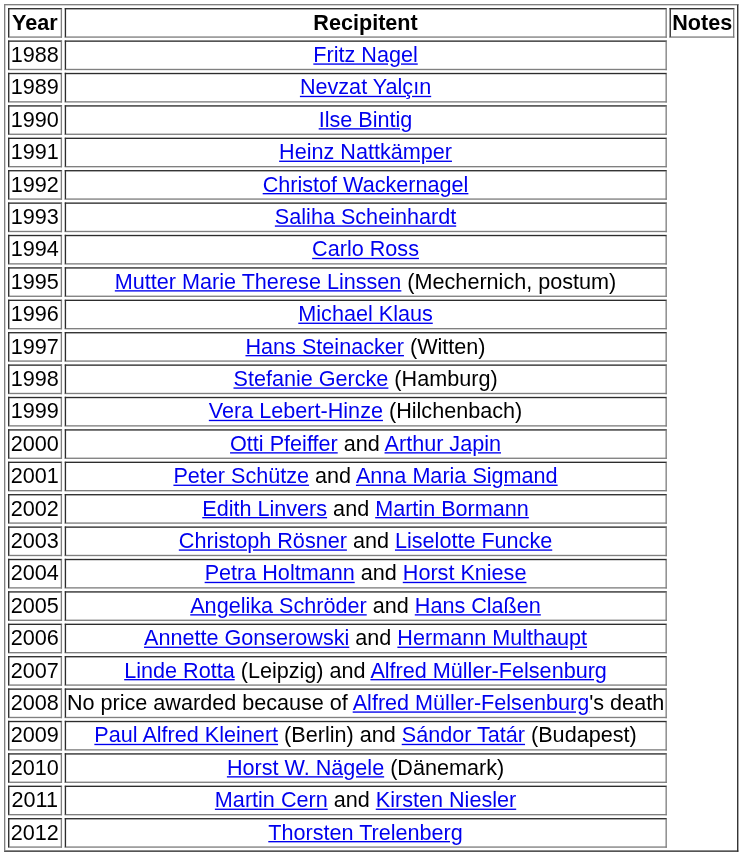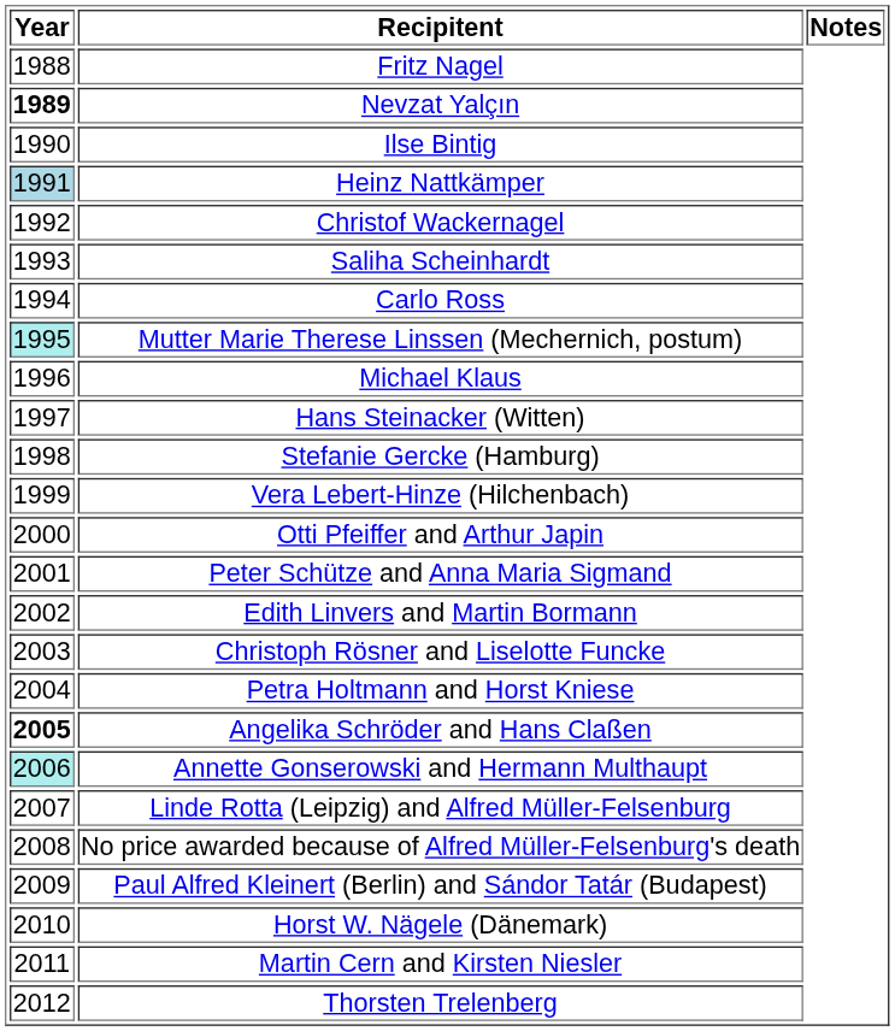 <table style="text-align:center" border="1">
 <tr>
 <th>Year</th>
 <th>Recipitent</th>
 <th>Notes</th>
 </tr>
 <tr>
 <td>1988</td>
 <td><a href='#'>Fritz Nagel</a></td>
 </tr>
 <tr>
-<td>1989</td>
+<td><strong>1989</strong></td>
 <td><a href='#'>Nevzat Yalçın</a></td>
 </tr>
 <tr>
 <td>1990</td>
 <td><a href='#'>Ilse Bintig</a></td>
 </tr>
 <tr>
-<td>1991</td>
+<td style="background: lightblue;">1991</td>
 <td><a href='#'>Heinz Nattkämper</a></td>
 </tr>
 <tr>
 <td>1992</td>
 <td><a href='#'>Christof Wackernagel</a></td>
 </tr>
 <tr>
 <td>1993</td>
 <td><a href='#'>Saliha Scheinhardt</a></td>
 </tr>
 <tr>
 <td>1994</td>
 <td><a href='#'>Carlo Ross</a></td>
 </tr>
 <tr>
-<td>1995</td>
+<td style="background: paleturquoise;">1995</td>
 <td><a href='#'>Mutter Marie Therese Linssen</a> (Mechernich, postum)</td>
 </tr>
 <tr>
 <td>1996</td>
 <td><a href='#'>Michael Klaus</a></td>
 </tr>
 <tr>
 <td>1997</td>
 <td><a href='#'>Hans Steinacker</a> (Witten)</td>
 </tr>
 <tr>
 <td>1998</td>
 <td><a href='#'>Stefanie Gercke</a> (Hamburg)</td>
 </tr>
 <tr>
 <td>1999</td>
 <td><a href='#'>Vera Lebert-Hinze</a> (Hilchenbach)</td>
 </tr>
 <tr>
 <td>2000</td>
 <td><a href='#'>Otti Pfeiffer</a> and <a href='#'>Arthur Japin</a></td>
 </tr>
 <tr>
 <td>2001</td>
 <td><a href='#'>Peter Schütze</a> and <a href='#'>Anna Maria Sigmand</a></td>
 </tr>
 <tr>
 <td>2002</td>
 <td><a href='#'>Edith Linvers</a> and <a href='#'>Martin Bormann</a></td>
 </tr>
 <tr>
 <td>2003</td>
 <td><a href='#'>Christoph Rösner</a> and <a href='#'>Liselotte Funcke</a></td>
 </tr>
 <tr>
 <td>2004</td>
 <td><a href='#'>Petra Holtmann</a> and <a href='#'>Horst Kniese</a></td>
 </tr>
 <tr>
-<td>2005</td>
+<td><strong>2005</strong></td>
 <td><a href='#'>Angelika Schröder</a> and <a href='#'>Hans Claßen</a></td>
 </tr>
 <tr>
-<td>2006</td>
+<td style="background: paleturquoise;">2006</td>
 <td><a href='#'>Annette Gonserowski</a> and <a href='#'>Hermann Multhaupt</a></td>
 </tr>
 <tr>
 <td>2007</td>
 <td><a href='#'>Linde Rotta</a> (Leipzig) and <a href='#'>Alfred Müller-Felsenburg</a></td>
 </tr>
 <tr>
 <td>2008</td>
 <td>No price awarded because of <a href='#'>Alfred Müller-Felsenburg</a>'s death</td>
 </tr>
 <tr>
 <td>2009</td>
 <td><a href='#'>Paul Alfred Kleinert</a> (Berlin) and <a href='#'>Sándor Tatár</a> (Budapest)</td>
 </tr>
 <tr>
 <td>2010</td>
 <td><a href='#'>Horst W. Nägele</a> (Dänemark)</td>
 </tr>
 <tr>
 <td>2011</td>
 <td><a href='#'>Martin Cern</a> and <a href='#'>Kirsten Niesler</a></td>
 </tr>
 <tr>
 <td>2012</td>
 <td><a href='#'>Thorsten Trelenberg</a></td>
 </tr>
 </table>
